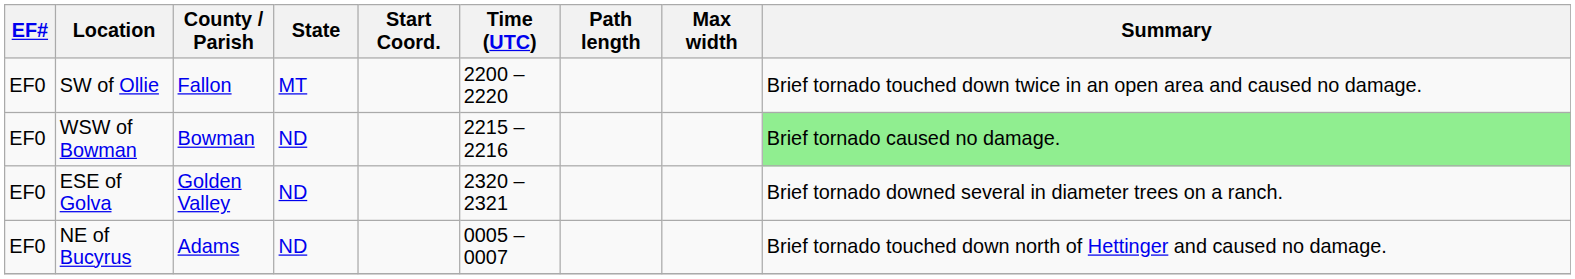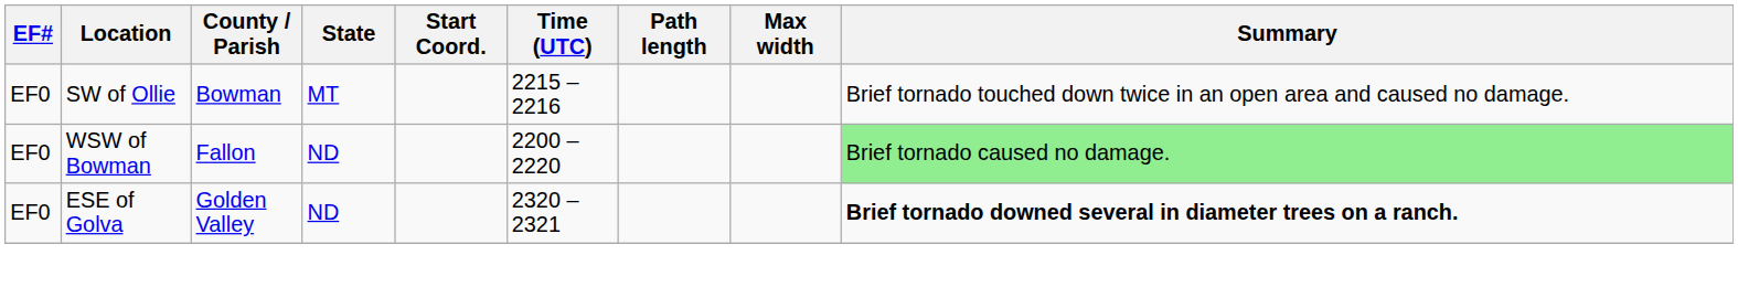 <table class="wikitable sortable" style="width:100%;">
 <tr>
 <th scope="col" width="3%" align="center"><a href='#'>EF#</a></th>
 <th scope="col" width="7%" align="center" class="unsortable">Location</th>
 <th scope="col" width="6%" align="center" class="unsortable">County / Parish</th>
 <th scope="col" width="5%" align="center">State</th>
 <th scope="col" width="6%" align="center">Start Coord.</th>
 <th scope="col" width="6%" align="center">Time (<a href='#'>UTC</a>)</th>
 <th scope="col" width="6%" align="center">Path length</th>
 <th scope="col" width="6%" align="center">Max width</th>
 <th scope="col" width="48%" class="unsortable" align="center">Summary</th>
 </tr>
 <tr>
 <td>EF0</td>
 <td>SW of <a href='#'>Ollie</a></td>
-<td><a href='#'>Fallon</a></td>
+<td><a href='#'>Bowman</a></td>
 <td><a href='#'>MT</a></td>
 <td></td>
-<td>2200 – 2220</td>
+<td>2215 – 2216</td>
 <td></td>
 <td></td>
 <td>Brief tornado touched down twice in an open area and caused no damage.</td>
 </tr>
 <tr>
 <td>EF0</td>
 <td>WSW of <a href='#'>Bowman</a></td>
-<td><a href='#'>Bowman</a></td>
+<td><a href='#'>Fallon</a></td>
 <td><a href='#'>ND</a></td>
 <td></td>
-<td>2215 – 2216</td>
+<td>2200 – 2220</td>
 <td></td>
 <td></td>
 <td style="background: lightgreen;">Brief tornado caused no damage.</td>
 </tr>
 <tr>
 <td>EF0</td>
 <td>ESE of <a href='#'>Golva</a></td>
 <td><a href='#'>Golden Valley</a></td>
 <td><a href='#'>ND</a></td>
 <td></td>
 <td>2320 – 2321</td>
 <td></td>
 <td></td>
-<td>Brief tornado downed several  in diameter trees on a ranch.</td>
-</tr>
-<tr>
-<td>EF0</td>
-<td>NE of <a href='#'>Bucyrus</a></td>
-<td><a href='#'>Adams</a></td>
-<td><a href='#'>ND</a></td>
-<td></td>
-<td>0005 – 0007</td>
-<td></td>
-<td></td>
-<td>Brief tornado touched down north of <a href='#'>Hettinger</a> and caused no damage.</td>
+<td><strong>Brief tornado downed several  in diameter trees on a ranch.</strong></td>
 </tr>
 <tr>
 </tr>
 </table>
